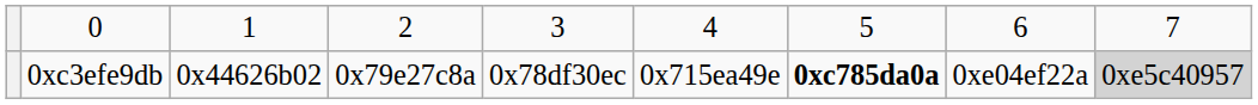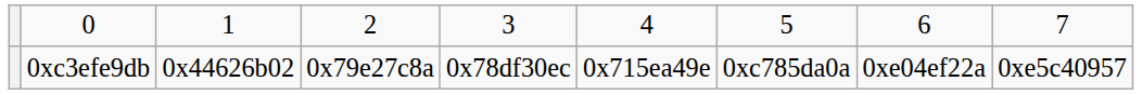 <table class="wikitable" style="margin-left: auto; margin-right:auto; border: none;">
 <tr>
 <th></th>
 <td style="text-align:center;">0</td>
 <td style="text-align:center;">1</td>
 <td style="text-align:center;">2</td>
 <td style="text-align:center;">3</td>
 <td style="text-align:center;">4</td>
 <td style="text-align:center;">5</td>
 <td style="text-align:center;">6</td>
 <td style="text-align:center;">7</td>
 </tr>
 <tr>
 <th></th>
 <td><span> 0xc3efe9db </span></td>
 <td><span> 0x44626b02 </span></td>
 <td><span> 0x79e27c8a </span></td>
 <td><span> 0x78df30ec </span></td>
 <td><span> 0x715ea49e </span></td>
-<td><strong><span> 0xc785da0a </span></strong></td>
+<td><span> 0xc785da0a </span></td>
 <td><span> 0xe04ef22a </span></td>
-<td style="background: lightgrey;"><span> 0xe5c40957 </span></td>
+<td><span> 0xe5c40957 </span></td>
 </tr>
 </table>
